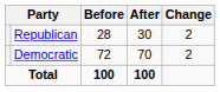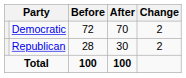 <table class="wikitable" style="text-align:center;">
 <tr>
 <th colspan="2">Party</th>
 <th>Before</th>
 <th>After</th>
 <th>Change</th>
 </tr>
 <tr>
 <th style="background-color:"></th>
-<td style="text-align:left;"><a href='#'>Republican</a></td>
-<td>28</td>
-<td>30</td>
+<td style="text-align:left;"><a href='#'>Democratic</a></td>
+<td>72</td>
+<td>70</td>
 <td> 2</td>
 </tr>
 <tr>
 <th style="background-color:"></th>
-<td style="text-align:left;"><a href='#'>Democratic</a></td>
-<td>72</td>
-<td>70</td>
+<td style="text-align:left;"><a href='#'>Republican</a></td>
+<td>28</td>
+<td>30</td>
 <td> 2</td>
 </tr>
 <tr>
 <td colspan="2"><strong>Total</strong></td>
 <td><strong>100</strong></td>
 <td><strong>100</strong></td>
 <td></td>
 </tr>
 </table>
